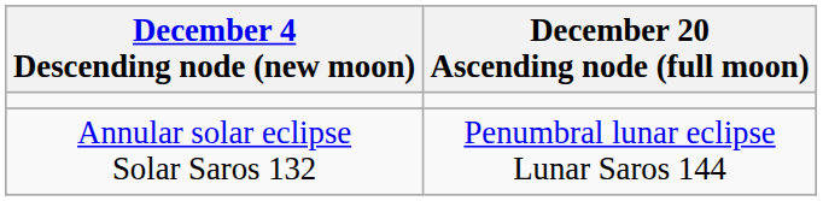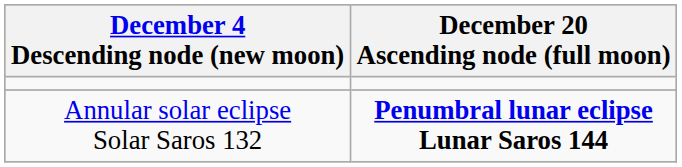 <table class="wikitable">
 <tr>
 <th><a href='#'>December 4</a><br>Descending node (new moon)<br></th>
 <th>December 20<br>Ascending node (full moon)<br></th>
 </tr>
 <tr>
 <td></td>
 <td></td>
 </tr>
 <tr align=center>
 <td><a href='#'>Annular solar eclipse</a><br>Solar Saros 132</td>
-<td><a href='#'>Penumbral lunar eclipse</a><br>Lunar Saros 144</td>
+<td><strong><a href='#'>Penumbral lunar eclipse</a><br>Lunar Saros 144</strong></td>
 </tr>
 </table>
